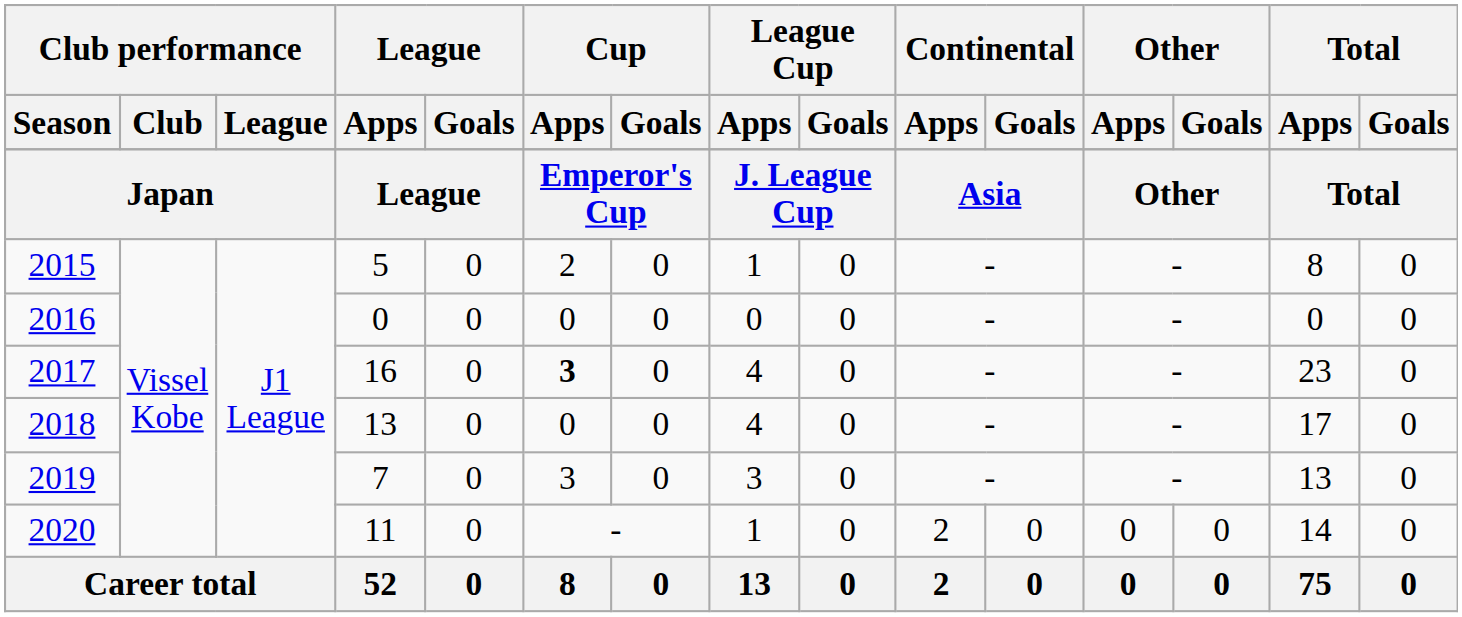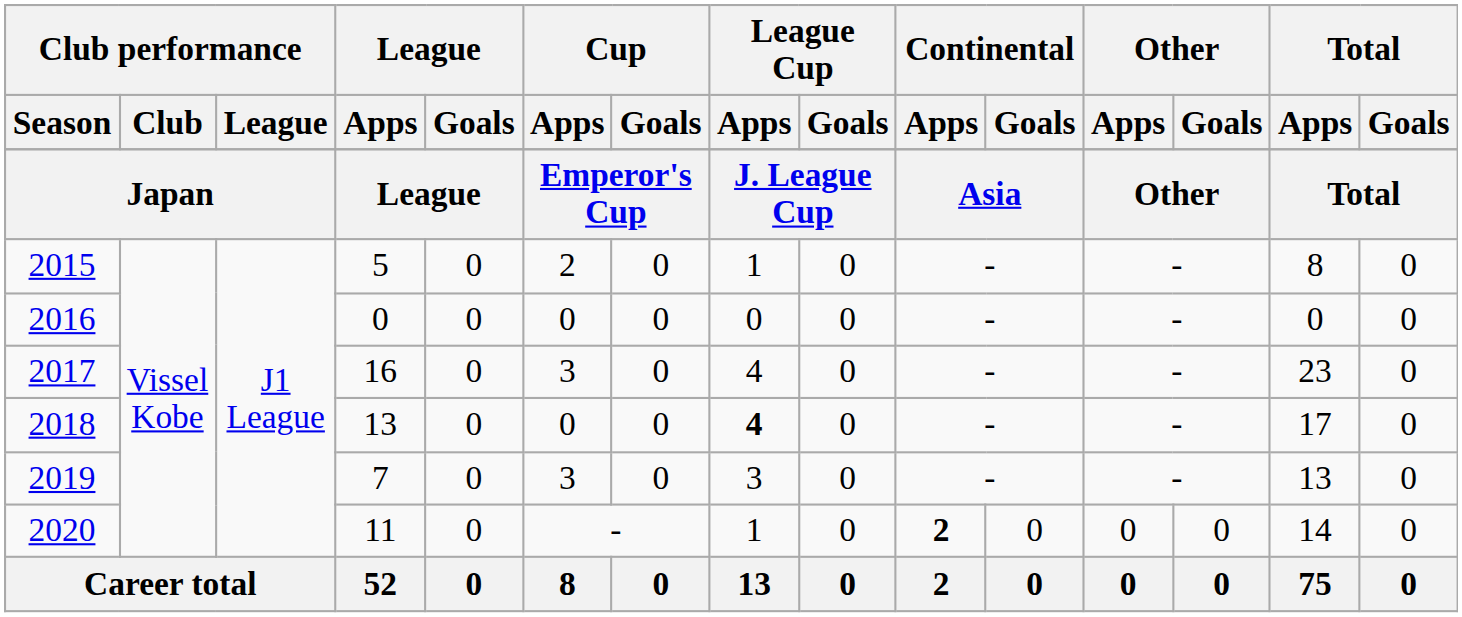 <table class="wikitable" style="text-align:center">
 <tr>
 <th colspan=3>Club performance</th>
 <th colspan=2>League</th>
 <th colspan=2>Cup</th>
 <th colspan=2>League Cup</th>
 <th colspan=2>Continental</th>
 <th colspan=2>Other</th>
 <th colspan=2>Total</th>
 </tr>
 <tr>
 <th>Season</th>
 <th>Club</th>
 <th>League</th>
 <th>Apps</th>
 <th>Goals</th>
 <th>Apps</th>
 <th>Goals</th>
 <th>Apps</th>
 <th>Goals</th>
 <th>Apps</th>
 <th>Goals</th>
 <th>Apps</th>
 <th>Goals</th>
 <th>Apps</th>
 <th>Goals</th>
 </tr>
 <tr>
 </tr>
 <tr>
 <th colspan=3>Japan</th>
 <th colspan=2>League</th>
 <th colspan=2><a href='#'>Emperor's Cup</a></th>
 <th colspan=2><a href='#'>J. League Cup</a></th>
 <th colspan=2><a href='#'>Asia</a></th>
 <th colspan=2>Other</th>
 <th colspan=2>Total</th>
 </tr>
 <tr>
 <td><a href='#'>2015</a></td>
 <td rowspan="6"><a href='#'>Vissel Kobe</a></td>
 <td rowspan="6"><a href='#'>J1 League</a></td>
 <td>5</td>
 <td>0</td>
 <td>2</td>
 <td>0</td>
 <td>1</td>
 <td>0</td>
 <td colspan=2>-</td>
 <td colspan=2>-</td>
 <td>8</td>
 <td>0</td>
 </tr>
 <tr>
 <td><a href='#'>2016</a></td>
 <td>0</td>
 <td>0</td>
 <td>0</td>
 <td>0</td>
 <td>0</td>
 <td>0</td>
 <td colspan=2>-</td>
 <td colspan=2>-</td>
 <td>0</td>
 <td>0</td>
 </tr>
 <tr>
 <td><a href='#'>2017</a></td>
 <td>16</td>
 <td>0</td>
-<td><strong>3</strong></td>
+<td>3</td>
 <td>0</td>
 <td>4</td>
 <td>0</td>
 <td colspan=2>-</td>
 <td colspan=2>-</td>
 <td>23</td>
 <td>0</td>
 </tr>
 <tr>
 <td><a href='#'>2018</a></td>
 <td>13</td>
 <td>0</td>
 <td>0</td>
 <td>0</td>
-<td>4</td>
+<td><strong>4</strong></td>
 <td>0</td>
 <td colspan=2>-</td>
 <td colspan=2>-</td>
 <td>17</td>
 <td>0</td>
 </tr>
 <tr>
 <td><a href='#'>2019</a></td>
 <td>7</td>
 <td>0</td>
 <td>3</td>
 <td>0</td>
 <td>3</td>
 <td>0</td>
 <td colspan=2>-</td>
 <td colspan=2>-</td>
 <td>13</td>
 <td>0</td>
 </tr>
 <tr>
 <td><a href='#'>2020</a></td>
 <td>11</td>
 <td>0</td>
 <td colspan=2>-</td>
 <td>1</td>
 <td>0</td>
-<td>2</td>
+<td><strong>2</strong></td>
 <td>0</td>
 <td>0</td>
 <td>0</td>
 <td>14</td>
 <td>0</td>
 </tr>
 <tr>
 <th colspan=3>Career total</th>
 <th>52</th>
 <th>0</th>
 <th>8</th>
 <th>0</th>
 <th>13</th>
 <th>0</th>
 <th>2</th>
 <th>0</th>
 <th>0</th>
 <th>0</th>
 <th>75</th>
 <th>0</th>
 </tr>
 </table>
